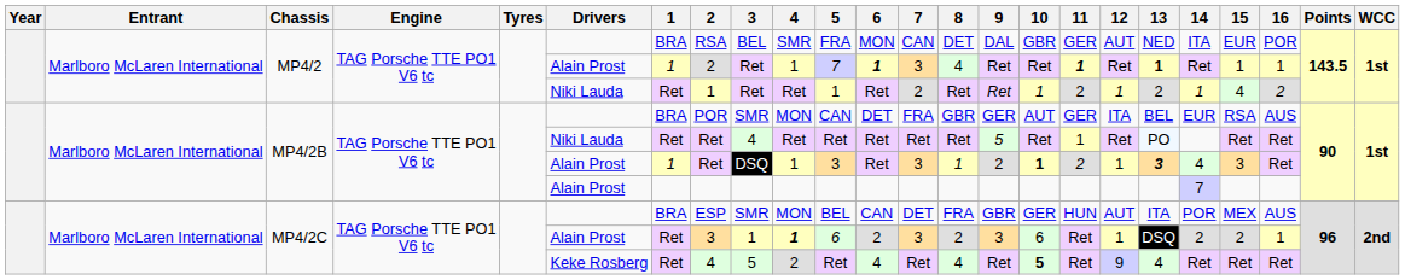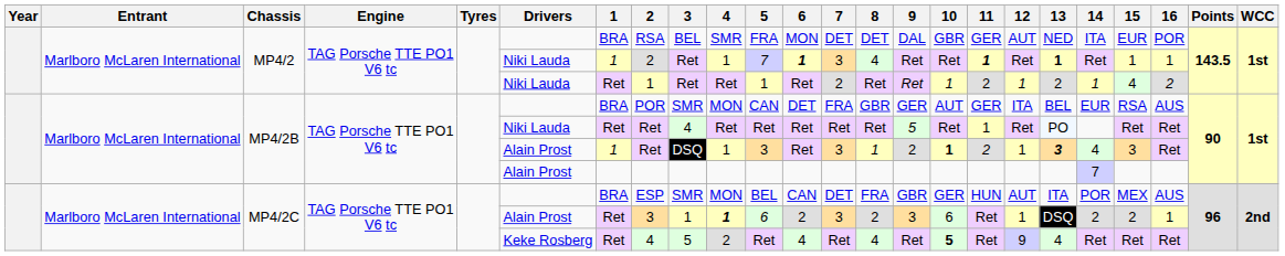 <table class="wikitable" style="text-align:center; font-size:95%">
 <tr>
 <th>Year</th>
 <th>Entrant</th>
 <th>Chassis</th>
 <th>Engine</th>
 <th>Tyres</th>
 <th>Drivers</th>
 <th>1</th>
 <th>2</th>
 <th>3</th>
 <th>4</th>
 <th>5</th>
 <th>6</th>
 <th>7</th>
 <th>8</th>
 <th>9</th>
 <th>10</th>
 <th>11</th>
 <th>12</th>
 <th>13</th>
 <th>14</th>
 <th>15</th>
 <th>16</th>
 <th>Points</th>
 <th>WCC</th>
 </tr>
 <tr>
 <th rowspan=3></th>
 <td rowspan=3><a href='#'>Marlboro</a> <a href='#'>McLaren International</a></td>
 <td rowspan=3>MP4/2</td>
 <td rowspan=3><a href='#'>TAG</a> <a href='#'>Porsche</a> <a href='#'>TTE PO1</a><br><a href='#'>V6</a> <a href='#'>tc</a></td>
 <td rowspan=3></td>
 <td></td>
 <td><a href='#'>BRA</a></td>
 <td><a href='#'>RSA</a></td>
 <td><a href='#'>BEL</a></td>
 <td><a href='#'>SMR</a></td>
 <td><a href='#'>FRA</a></td>
 <td><a href='#'>MON</a></td>
-<td><a href='#'>CAN</a></td>
+<td><a href='#'>DET</a></td>
 <td><a href='#'>DET</a></td>
 <td><a href='#'>DAL</a></td>
 <td><a href='#'>GBR</a></td>
 <td><a href='#'>GER</a></td>
 <td><a href='#'>AUT</a></td>
 <td><a href='#'>NED</a></td>
 <td><a href='#'>ITA</a></td>
 <td><a href='#'>EUR</a></td>
 <td><a href='#'>POR</a></td>
 <td rowspan=3 style="background:#FFFFBF;"><strong>143.5</strong></td>
 <td rowspan=3 style="background:#FFFFBF;"><strong>1st</strong></td>
 </tr>
 <tr>
-<td align="left"><a href='#'>Alain Prost</a></td>
+<td align="left"><a href='#'>Niki Lauda</a></td>
 <td style="background:#ffffbf;"><em>1</em></td>
 <td style="background:#dfdfdf;">2</td>
 <td style="background:#efcfff;">Ret</td>
 <td style="background:#ffffbf;">1</td>
 <td style="background:#CFCFFF;"><em>7</em></td>
 <td style="background:#ffffbf;"><strong><em>1</em></strong></td>
 <td style="background:#ffdf9f;">3</td>
 <td style="background:#dfffdf;">4</td>
 <td style="background:#efcfff;">Ret</td>
 <td style="background:#efcfff;">Ret</td>
 <td style="background:#ffffbf;"><strong><em>1</em></strong></td>
 <td style="background:#efcfff;">Ret</td>
 <td style="background:#ffffbf;"><strong>1</strong></td>
 <td style="background:#efcfff;">Ret</td>
 <td style="background:#ffffbf;">1</td>
 <td style="background:#ffffbf;">1</td>
 </tr>
 <tr>
 <td align="left"><a href='#'>Niki Lauda</a></td>
 <td style="background:#efcfff;">Ret</td>
 <td style="background:#ffffbf;">1</td>
 <td style="background:#efcfff;">Ret</td>
 <td style="background:#efcfff;">Ret</td>
 <td style="background:#ffffbf;">1</td>
 <td style="background:#efcfff;">Ret</td>
 <td style="background:#dfdfdf;">2</td>
 <td style="background:#efcfff;">Ret</td>
 <td style="background:#efcfff;"><em>Ret</em></td>
 <td style="background:#ffffbf;"><em>1</em></td>
 <td style="background:#dfdfdf;">2</td>
 <td style="background:#ffffbf;"><em>1</em></td>
 <td style="background:#dfdfdf;">2</td>
 <td style="background:#ffffbf;"><em>1</em></td>
 <td style="background:#DFFFDF;">4</td>
 <td style="background:#dfdfdf;"><em>2</em></td>
 </tr>
 <tr>
 <th rowspan=4></th>
 <td rowspan=4><a href='#'>Marlboro</a> <a href='#'>McLaren International</a></td>
 <td rowspan=4>MP4/2B</td>
 <td rowspan=4><a href='#'>TAG</a> <a href='#'>Porsche</a> TTE PO1<br><a href='#'>V6</a> <a href='#'>tc</a></td>
 <td rowspan=4></td>
 <td></td>
 <td><a href='#'>BRA</a></td>
 <td><a href='#'>POR</a></td>
 <td><a href='#'>SMR</a></td>
 <td><a href='#'>MON</a></td>
 <td><a href='#'>CAN</a></td>
 <td><a href='#'>DET</a></td>
 <td><a href='#'>FRA</a></td>
 <td><a href='#'>GBR</a></td>
 <td><a href='#'>GER</a></td>
 <td><a href='#'>AUT</a></td>
 <td><a href='#'>GER</a></td>
 <td><a href='#'>ITA</a></td>
 <td><a href='#'>BEL</a></td>
 <td><a href='#'>EUR</a></td>
 <td><a href='#'>RSA</a></td>
 <td><a href='#'>AUS</a></td>
 <td rowspan=4 style="background:#FFFFBF;"><strong>90</strong></td>
 <td rowspan=4 style="background:#FFFFBF;"><strong>1st</strong></td>
 </tr>
 <tr>
 <td align="left"><a href='#'>Niki Lauda</a></td>
 <td style="background:#efcfff;">Ret</td>
 <td style="background:#efcfff;">Ret</td>
 <td style="background:#DFFFDF;">4</td>
 <td style="background:#efcfff;">Ret</td>
 <td style="background:#efcfff;">Ret</td>
 <td style="background:#efcfff;">Ret</td>
 <td style="background:#efcfff;">Ret</td>
 <td style="background:#efcfff;">Ret</td>
 <td style="background:#DFFFDF;"><em>5</em></td>
 <td style="background:#efcfff;">Ret</td>
 <td style="background:#ffffbf;">1</td>
 <td style="background:#efcfff;">Ret</td>
 <td style="background:#F1F8FF;">PO</td>
 <td></td>
 <td style="background:#efcfff;">Ret</td>
 <td style="background:#efcfff;">Ret</td>
 </tr>
 <tr>
 <td align="left"><a href='#'>Alain Prost</a></td>
 <td style="background:#ffffbf;"><em>1</em></td>
 <td style="background:#efcfff;">Ret</td>
 <td style="background:#000000; color:white">DSQ</td>
 <td style="background:#ffffbf;">1</td>
 <td style="background:#ffdf9f;">3</td>
 <td style="background:#efcfff;">Ret</td>
 <td style="background:#ffdf9f;">3</td>
 <td style="background:#ffffbf;"><em>1</em></td>
 <td style="background:#dfdfdf;">2</td>
 <td style="background:#ffffbf;"><strong>1</strong></td>
 <td style="background:#dfdfdf;"><em>2</em></td>
 <td style="background:#ffffbf;">1</td>
 <td style="background:#ffdf9f;"><strong><em>3</em></strong></td>
 <td style="background:#DFFFDF;">4</td>
 <td style="background:#ffdf9f;">3</td>
 <td style="background:#efcfff;">Ret</td>
 </tr>
 <tr>
 <td align="left"><a href='#'>Alain Prost</a></td>
 <td></td>
 <td></td>
 <td></td>
 <td></td>
 <td></td>
 <td></td>
 <td></td>
 <td></td>
 <td></td>
 <td></td>
 <td></td>
 <td></td>
 <td></td>
 <td style="background:#CFCFFF;">7</td>
 <td></td>
 <td></td>
 </tr>
 <tr>
 <th rowspan=3></th>
 <td rowspan=3><a href='#'>Marlboro</a> <a href='#'>McLaren International</a></td>
 <td rowspan=3>MP4/2C</td>
 <td rowspan=3><a href='#'>TAG</a> <a href='#'>Porsche</a> TTE PO1<br><a href='#'>V6</a> <a href='#'>tc</a></td>
 <td rowspan=3></td>
 <td></td>
 <td><a href='#'>BRA</a></td>
 <td><a href='#'>ESP</a></td>
 <td><a href='#'>SMR</a></td>
 <td><a href='#'>MON</a></td>
 <td><a href='#'>BEL</a></td>
 <td><a href='#'>CAN</a></td>
 <td><a href='#'>DET</a></td>
 <td><a href='#'>FRA</a></td>
 <td><a href='#'>GBR</a></td>
 <td><a href='#'>GER</a></td>
 <td><a href='#'>HUN</a></td>
 <td><a href='#'>AUT</a></td>
 <td><a href='#'>ITA</a></td>
 <td><a href='#'>POR</a></td>
 <td><a href='#'>MEX</a></td>
 <td><a href='#'>AUS</a></td>
 <td rowspan=3 style="background:#dfdfdf;"><strong>96</strong></td>
 <td rowspan=3 style="background:#dfdfdf;"><strong>2nd</strong></td>
 </tr>
 <tr>
 <td align="left"><a href='#'>Alain Prost</a></td>
 <td style="background:#efcfff;">Ret</td>
 <td style="background:#ffdf9f;">3</td>
 <td style="background:#ffffbf;">1</td>
 <td style="background:#ffffbf;"><strong><em>1</em></strong></td>
 <td style="background:#DFFFDF;"><em>6</em></td>
 <td style="background:#dfdfdf;">2</td>
 <td style="background:#ffdf9f;">3</td>
 <td style="background:#dfdfdf;">2</td>
 <td style="background:#ffdf9f;">3</td>
 <td style="background:#DFFFDF;">6</td>
 <td style="background:#efcfff;">Ret</td>
 <td style="background:#ffffbf;">1</td>
 <td style="background:#000000; color:white">DSQ</td>
 <td style="background:#dfdfdf;">2</td>
 <td style="background:#dfdfdf;">2</td>
 <td style="background:#ffffbf;">1</td>
 </tr>
 <tr>
 <td align="left"><a href='#'>Keke Rosberg</a></td>
 <td style="background:#efcfff;">Ret</td>
 <td style="background:#DFFFDF;">4</td>
 <td style="background:#DFFFDF;">5</td>
 <td style="background:#dfdfdf;">2</td>
 <td style="background:#efcfff;">Ret</td>
 <td style="background:#DFFFDF;">4</td>
 <td style="background:#efcfff;">Ret</td>
 <td style="background:#DFFFDF;">4</td>
 <td style="background:#efcfff;">Ret</td>
 <td style="background:#DFFFDF;"><strong>5</strong></td>
 <td style="background:#efcfff;">Ret</td>
 <td style="background:#CFCFFF;">9</td>
 <td style="background:#DFFFDF;">4</td>
 <td style="background:#efcfff;">Ret</td>
 <td style="background:#efcfff;">Ret</td>
 <td style="background:#efcfff;">Ret</td>
 </tr>
 </table>
